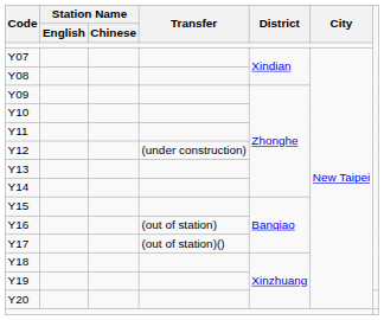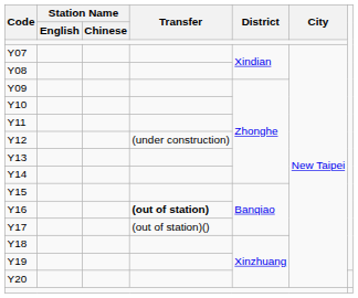 <table class="wikitable">
 <tr>
 <th rowspan="2">Code</th>
 <th colspan="2">Station Name</th>
 <th rowspan="2">Transfer</th>
 <th rowspan="2">District</th>
 <th rowspan="2"><strong>City</strong></th>
 </tr>
 <tr>
 <th>English</th>
 <th>Chinese</th>
 </tr>
 <tr>
 <td colspan = "6"></td>
 </tr>
 <tr>
 <td>Y07</td>
 <td></td>
 <td></td>
 <td></td>
 <td rowspan="2"><a href='#'>Xindian</a></td>
 <td rowspan="14"><a href='#'>New Taipei</a></td>
 </tr>
 <tr>
 <td>Y08</td>
 <td></td>
 <td></td>
 <td></td>
 </tr>
 <tr>
 <td>Y09</td>
 <td></td>
 <td></td>
 <td></td>
 <td rowspan="6"><a href='#'>Zhonghe</a></td>
 </tr>
 <tr>
 <td>Y10</td>
 <td></td>
 <td></td>
 <td></td>
 </tr>
 <tr>
 <td>Y11</td>
 <td></td>
 <td></td>
 <td></td>
 </tr>
 <tr>
 <td>Y12</td>
 <td></td>
 <td></td>
 <td> (under construction)</td>
 </tr>
 <tr>
 <td>Y13</td>
 <td></td>
 <td></td>
 <td></td>
 </tr>
 <tr>
 <td>Y14</td>
 <td></td>
 <td></td>
 <td></td>
 </tr>
 <tr>
 <td>Y15</td>
 <td></td>
 <td></td>
 <td></td>
 <td rowspan="3"><a href='#'>Banqiao</a></td>
 </tr>
 <tr>
 <td>Y16</td>
 <td></td>
 <td></td>
-<td> (out of station)  </td>
+<td><strong> (out of station)  </strong></td>
 </tr>
 <tr>
 <td>Y17</td>
 <td></td>
 <td></td>
 <td> (out of station)()</td>
 </tr>
 <tr>
 <td>Y18</td>
 <td></td>
 <td></td>
 <td></td>
 <td rowspan="3"><a href='#'>Xinzhuang</a></td>
 </tr>
 <tr>
 <td>Y19</td>
 <td></td>
 <td></td>
 <td></td>
 </tr>
 <tr>
 <td>Y20</td>
 <td></td>
 <td></td>
 <td></td>
 <td></td>
 </tr>
 <tr>
 <td colspan = "6"></td>
 </tr>
 </table>
